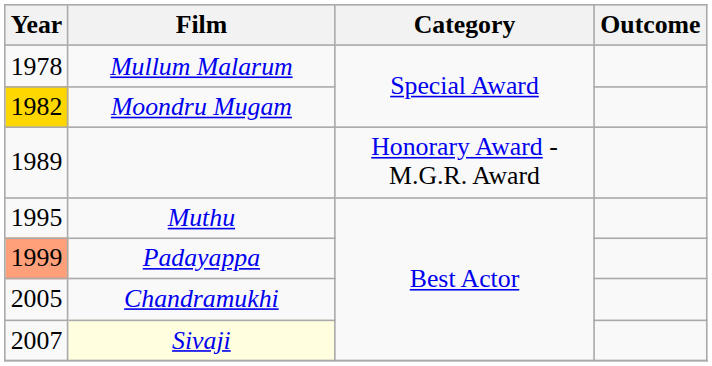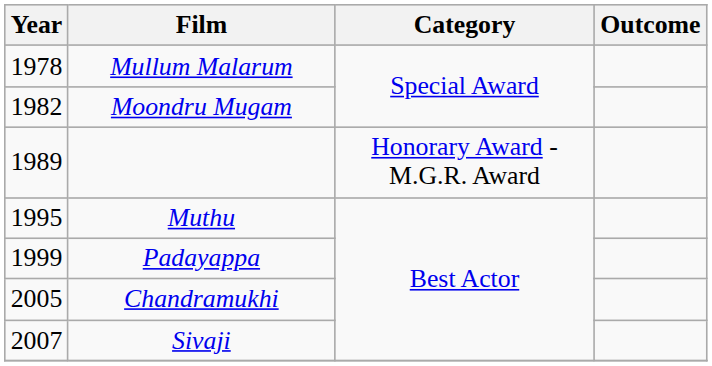 <table class="wikitable sortable" style="width:70%;">
 <tr>
 <th width=5%>Year</th>
 <th style="width:40%;">Film</th>
 <th style="width:40%;">Category</th>
 <th style="width:15%;">Outcome</th>
 </tr>
 <tr>
 <td style="text-align:center;">1978</td>
 <td style="text-align:center;"><em><a href='#'>Mullum Malarum</a></em></td>
 <td rowspan="2" style="text-align:center;"><a href='#'>Special Award</a></td>
 <td></td>
 </tr>
 <tr>
-<td style="background: gold; text-align:center;">1982</td>
+<td style="text-align:center;">1982</td>
 <td style="text-align:center;"><em><a href='#'>Moondru Mugam</a></em></td>
 <td></td>
 </tr>
 <tr>
 <td style="text-align:center;">1989</td>
 <td style="text-align:center;"></td>
 <td style="text-align:center;"><a href='#'>Honorary Award</a> - M.G.R. Award</td>
 <td></td>
 </tr>
 <tr>
 <td style="text-align:center;">1995</td>
 <td style="text-align:center;"><em><a href='#'>Muthu</a></em></td>
 <td rowspan="4" style="text-align:center;"><a href='#'>Best Actor</a></td>
 <td></td>
 </tr>
 <tr>
-<td style="background: lightsalmon; text-align:center;">1999</td>
+<td style="text-align:center;">1999</td>
 <td style="text-align:center;"><em><a href='#'>Padayappa</a></em></td>
 <td></td>
 </tr>
 <tr>
 <td style="text-align:center;">2005</td>
 <td style="text-align:center;"><em><a href='#'>Chandramukhi</a></em></td>
 <td></td>
 </tr>
 <tr>
 <td style="text-align:center;">2007</td>
-<td style="background: lightyellow; text-align:center;"><em><a href='#'>Sivaji</a></em></td>
+<td style="text-align:center;"><em><a href='#'>Sivaji</a></em></td>
 <td></td>
 </tr>
 <tr>
 </tr>
 </table>
